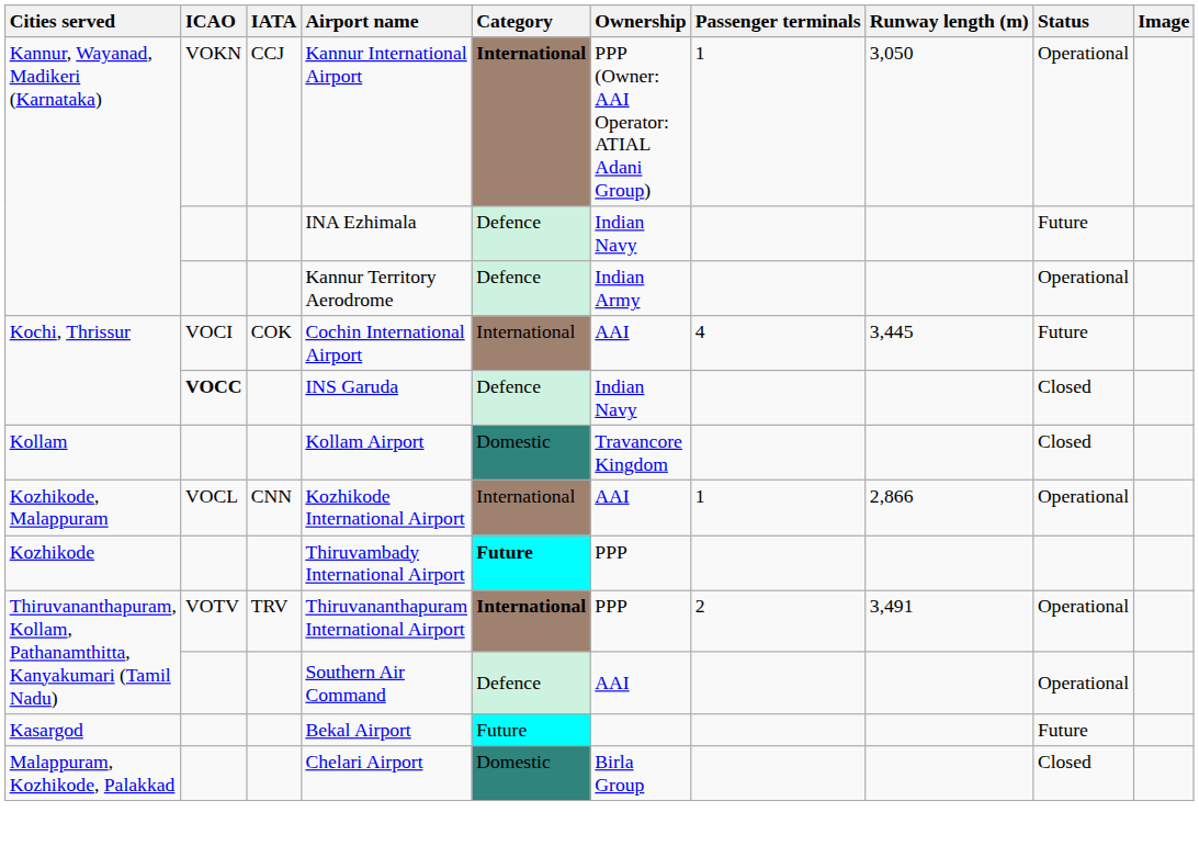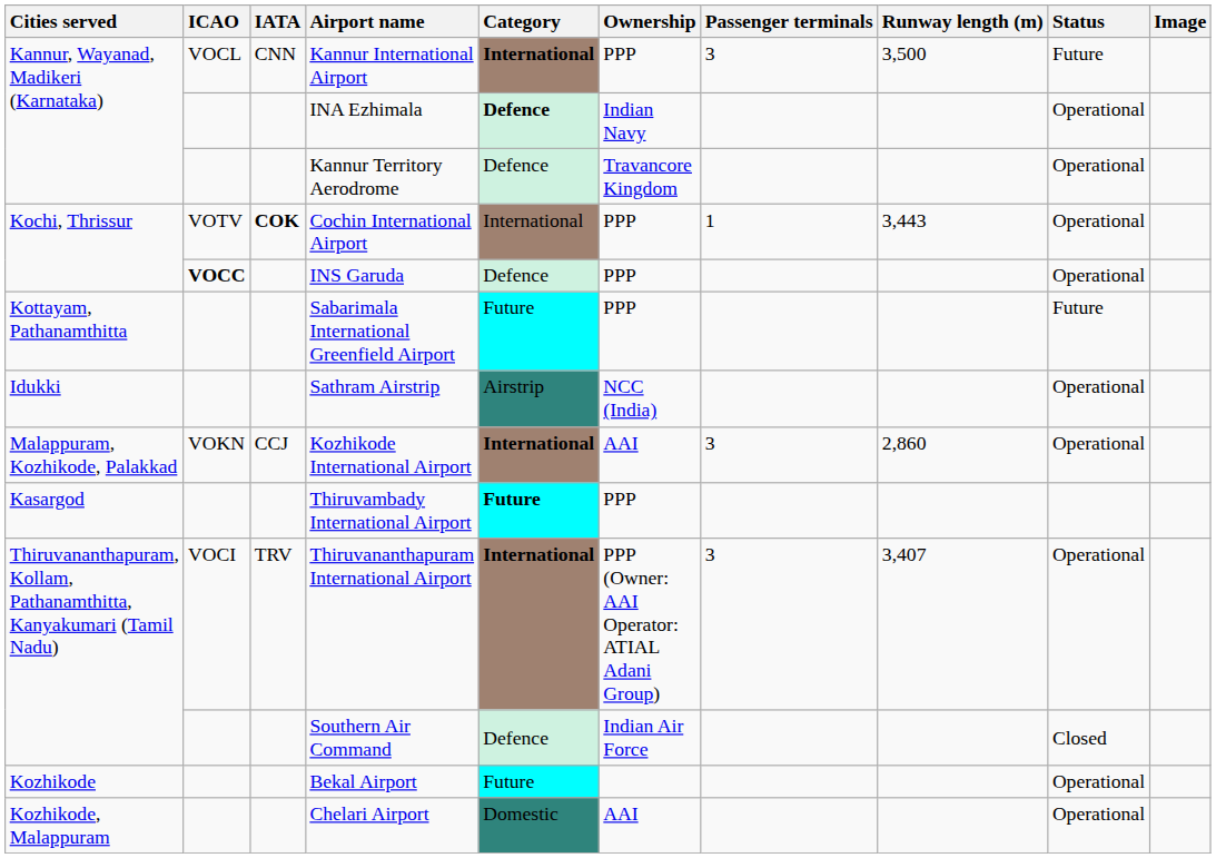 <table class="wikitable sortable" style="font-size:95%;">
 <tr valign=baseline>
 <th style="white-space:nowrap; text-align:left;">Cities served</th>
 <th style="white-space:nowrap; text-align:left;">ICAO</th>
 <th style="white-space:nowrap; text-align:left;">IATA</th>
 <th style="white-space:nowrap; text-align:left;">Airport name</th>
 <th style="white-space:nowrap; text-align:left;">Category</th>
 <th style="white-space:nowrap; text-align:left;">Ownership</th>
 <th style="white-space:nowrap; text-align:left;">Passenger terminals</th>
 <th style="white-space:nowrap; text-align:left;">Runway length (m)</th>
 <th style="white-space:nowrap; text-align:left;">Status</th>
 <th>Image</th>
 </tr>
 <tr valign="top">
 <td rowspan=3><a href='#'>Kannur</a>, <a href='#'>Wayanad</a>, <a href='#'>Madikeri</a> (<a href='#'>Karnataka</a>)</td>
-<td>VOKN</td>
-<td>CCJ</td>
+<td>VOCL</td>
+<td>CNN</td>
 <td><a href='#'>Kannur International Airport</a></td>
 <td style="background:#9F8170;"><strong>International</strong></td>
-<td>PPP (Owner: <a href='#'>AAI</a> Operator: ATIAL <a href='#'>Adani Group</a>)</td>
-<td>1</td>
-<td>3,050</td>
-<td>Operational</td>
+<td>PPP</td>
+<td>3</td>
+<td>3,500</td>
+<td>Future</td>
 <td></td>
 </tr>
 <tr valign="top">
 <td></td>
 <td></td>
 <td>INA Ezhimala</td>
-<td style="background:#CEF2E0;">Defence</td>
+<td style="background:#CEF2E0;"><strong>Defence</strong></td>
 <td><a href='#'>Indian Navy</a></td>
 <td></td>
 <td></td>
-<td>Future</td>
+<td>Operational</td>
 </tr>
 <tr valign="top">
 <td></td>
 <td></td>
 <td>Kannur Territory Aerodrome</td>
 <td style="background:#CEF2E0;">Defence</td>
-<td><a href='#'>Indian Army</a></td>
+<td><a href='#'>Travancore Kingdom</a></td>
 <td></td>
 <td></td>
 <td>Operational</td>
 <td></td>
 </tr>
 <tr valign="top">
 <td rowspan=2><a href='#'>Kochi</a>, <a href='#'>Thrissur</a></td>
-<td>VOCI</td>
-<td>COK</td>
+<td>VOTV</td>
+<td><strong>COK</strong></td>
 <td><a href='#'>Cochin International Airport</a></td>
 <td style="background:#9F8170;">International</td>
-<td><a href='#'>AAI</a></td>
-<td>4</td>
-<td>3,445</td>
-<td>Future</td>
+<td>PPP</td>
+<td>1</td>
+<td>3,443</td>
+<td>Operational</td>
 <td></td>
 </tr>
 <tr valign="top">
 <td><strong>VOCC</strong></td>
 <td></td>
 <td><a href='#'>INS Garuda</a></td>
 <td style="background:#CEF2E0;">Defence</td>
-<td><a href='#'>Indian Navy</a></td>
+<td>PPP</td>
 <td></td>
 <td></td>
-<td>Closed</td>
-<td></td>
-</tr>
-<tr valign="top">
-<td><a href='#'>Kollam</a></td>
-<td></td>
-<td></td>
-<td><a href='#'>Kollam Airport</a></td>
-<td style="background:#2F847C;">Domestic</td>
-<td><a href='#'>Travancore Kingdom</a></td>
-<td></td>
-<td></td>
-<td>Closed</td>
-<td></td>
-</tr>
-<tr valign="top">
-<td><a href='#'>Kozhikode</a>, <a href='#'>Malappuram</a></td>
-<td>VOCL</td>
-<td>CNN</td>
-<td><a href='#'>Kozhikode International Airport</a></td>
-<td style="background:#9F8170;">International</td>
-<td><a href='#'>AAI</a></td>
-<td>1</td>
-<td>2,866</td>
 <td>Operational</td>
 <td></td>
 </tr>
 <tr valign="top">
-<td><a href='#'>Kozhikode</a></td>
+<td><a href='#'>Kottayam</a>,<br><a href='#'>Pathanamthitta</a></td>
+<td></td>
+<td></td>
+<td><a href='#'>Sabarimala International Greenfield Airport</a></td>
+<td style="background:#0ff;">Future</td>
+<td>PPP</td>
+<td></td>
+<td></td>
+<td>Future</td>
+<td></td>
+</tr>
+<tr valign="top">
+<td><a href='#'>Idukki</a></td>
+<td></td>
+<td></td>
+<td><a href='#'>Sathram Airstrip</a></td>
+<td style="background:#2F847D;">Airstrip</td>
+<td><a href='#'>NCC (India)</a></td>
+<td></td>
+<td></td>
+<td>Operational</td>
+<td></td>
+</tr>
+<tr valign="top">
+<td><a href='#'>Malappuram</a>,<br><a href='#'>Kozhikode</a>, <a href='#'>Palakkad</a></td>
+<td>VOKN</td>
+<td>CCJ</td>
+<td><a href='#'>Kozhikode International Airport</a></td>
+<td style="background:#9F8170;"><strong>International</strong></td>
+<td><a href='#'>AAI</a></td>
+<td>3</td>
+<td>2,860</td>
+<td>Operational</td>
+<td></td>
+</tr>
+<tr valign="top">
+<td><a href='#'>Kasargod</a></td>
 <td></td>
 <td></td>
 <td><a href='#'>Thiruvambady International Airport</a></td>
 <td style="background:#0ff;"><strong>Future</strong></td>
 <td>PPP</td>
 <td></td>
 <td></td>
 <td></td>
 <td></td>
 </tr>
 <tr valign="top">
 <td rowspan="2"><a href='#'>Thiruvananthapuram</a>, <a href='#'>Kollam</a>, <a href='#'>Pathanamthitta</a>, <a href='#'>Kanyakumari</a> (<a href='#'>Tamil Nadu</a>)</td>
-<td>VOTV</td>
+<td>VOCI</td>
 <td>TRV</td>
 <td><a href='#'>Thiruvananthapuram International Airport</a></td>
 <td style="background:#9F8170;"><strong>International</strong></td>
-<td>PPP</td>
-<td>2</td>
-<td>3,491</td>
+<td>PPP (Owner: <a href='#'>AAI</a> Operator: ATIAL <a href='#'>Adani Group</a>)</td>
+<td>3</td>
+<td>3,407</td>
 <td>Operational</td>
 <td></td>
 </tr>
 <tr>
 <td></td>
 <td></td>
 <td><a href='#'>Southern Air Command</a></td>
 <td style="background:#CEF2E0;">Defence</td>
-<td><a href='#'>AAI</a></td>
+<td><a href='#'>Indian Air Force</a></td>
 <td></td>
 <td></td>
-<td>Operational</td>
+<td>Closed</td>
 <td></td>
 </tr>
 <tr valign="top">
-<td><a href='#'>Kasargod</a></td>
+<td><a href='#'>Kozhikode</a></td>
 <td></td>
 <td></td>
 <td><a href='#'>Bekal Airport</a></td>
 <td style="background:#0ff;">Future</td>
 <td></td>
 <td></td>
 <td></td>
-<td>Future</td>
+<td>Operational</td>
 </tr>
 <tr valign="top">
-<td><a href='#'>Malappuram</a>,<br><a href='#'>Kozhikode</a>, <a href='#'>Palakkad</a></td>
+<td><a href='#'>Kozhikode</a>, <a href='#'>Malappuram</a></td>
 <td></td>
 <td></td>
 <td><a href='#'>Chelari Airport</a></td>
 <td style="background:#2F847C;">Domestic</td>
-<td><a href='#'>Birla Group</a></td>
+<td><a href='#'>AAI</a></td>
 <td></td>
 <td></td>
-<td>Closed</td>
+<td>Operational</td>
 <td></td>
 </tr>
 </table>
